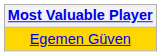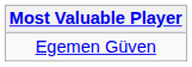 <table class=wikitable style="text-align:center">
 <tr>
 <th><a href='#'>Most Valuable Player</a></th>
 </tr>
 <tr>
-<td style="background: gold;"> <a href='#'>Egemen Güven</a></td>
+<td> <a href='#'>Egemen Güven</a></td>
 </tr>
 </table>
